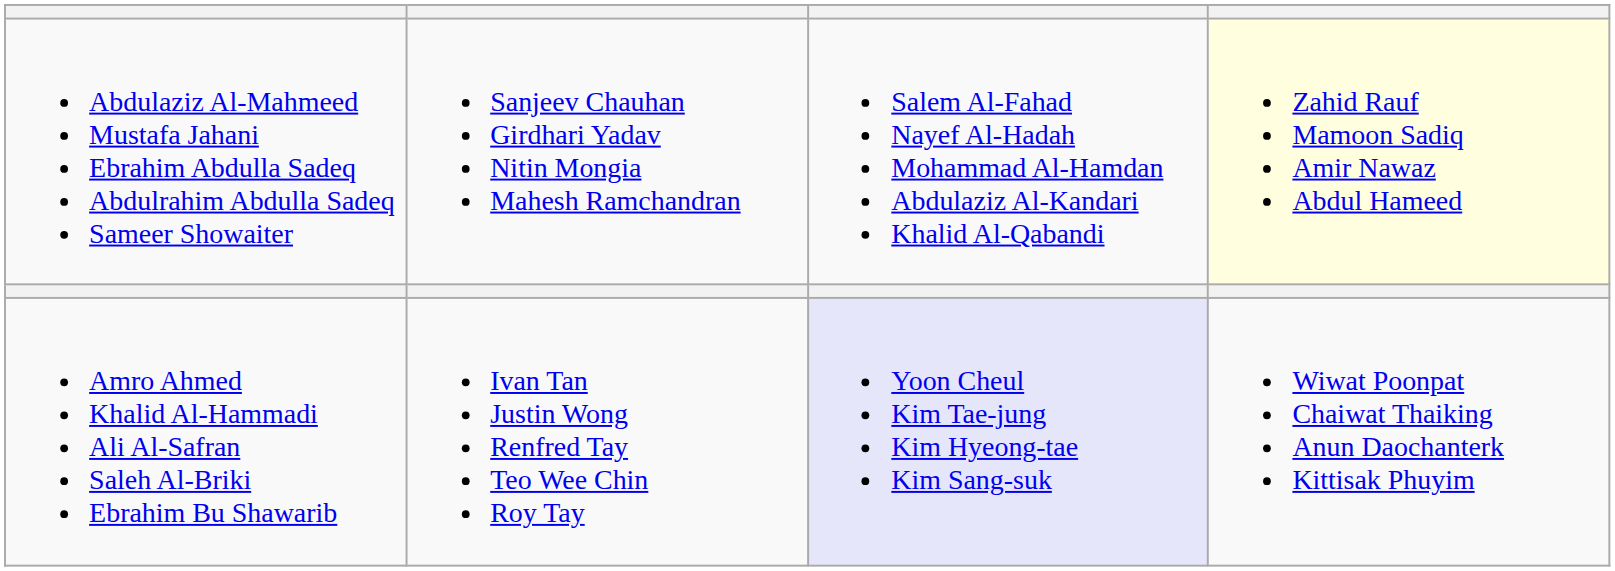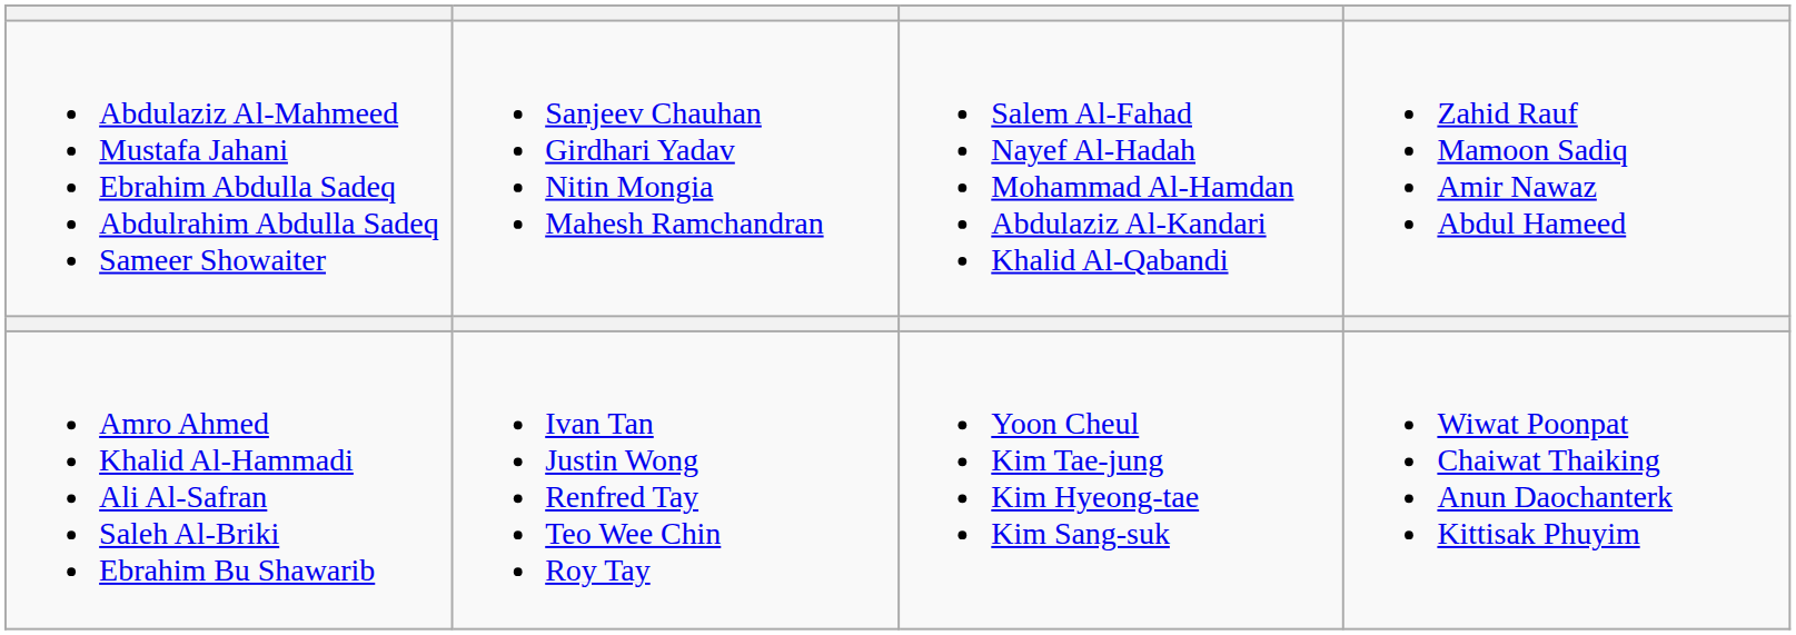 <table class="wikitable" style="font-size:90%">
 <tr>
 <th width=200></th>
 <th width=200></th>
 <th width=200></th>
 <th width=200></th>
 </tr>
 <tr>
 <td valign=top><br><ul><li><a href='#'>Abdulaziz Al-Mahmeed</a></li><li><a href='#'>Mustafa Jahani</a></li><li><a href='#'>Ebrahim Abdulla Sadeq</a></li><li><a href='#'>Abdulrahim Abdulla Sadeq</a></li><li><a href='#'>Sameer Showaiter</a></li></ul></td>
 <td valign=top><br><ul><li><a href='#'>Sanjeev Chauhan</a></li><li><a href='#'>Girdhari Yadav</a></li><li><a href='#'>Nitin Mongia</a></li><li><a href='#'>Mahesh Ramchandran</a></li></ul></td>
 <td valign=top><br><ul><li><a href='#'>Salem Al-Fahad</a></li><li><a href='#'>Nayef Al-Hadah</a></li><li><a href='#'>Mohammad Al-Hamdan</a></li><li><a href='#'>Abdulaziz Al-Kandari</a></li><li><a href='#'>Khalid Al-Qabandi</a></li></ul></td>
-<td valign=top style="background: lightyellow;"><br><ul><li><a href='#'>Zahid Rauf</a></li><li><a href='#'>Mamoon Sadiq</a></li><li><a href='#'>Amir Nawaz</a></li><li><a href='#'>Abdul Hameed</a></li></ul></td>
+<td valign=top><br><ul><li><a href='#'>Zahid Rauf</a></li><li><a href='#'>Mamoon Sadiq</a></li><li><a href='#'>Amir Nawaz</a></li><li><a href='#'>Abdul Hameed</a></li></ul></td>
 </tr>
 <tr>
 <th></th>
 <th></th>
 <th></th>
 <th></th>
 </tr>
 <tr>
 <td valign=top><br><ul><li><a href='#'>Amro Ahmed</a></li><li><a href='#'>Khalid Al-Hammadi</a></li><li><a href='#'>Ali Al-Safran</a></li><li><a href='#'>Saleh Al-Briki</a></li><li><a href='#'>Ebrahim Bu Shawarib</a></li></ul></td>
 <td valign=top><br><ul><li><a href='#'>Ivan Tan</a></li><li><a href='#'>Justin Wong</a></li><li><a href='#'>Renfred Tay</a></li><li><a href='#'>Teo Wee Chin</a></li><li><a href='#'>Roy Tay</a></li></ul></td>
-<td valign=top style="background: lavender;"><br><ul><li><a href='#'>Yoon Cheul</a></li><li><a href='#'>Kim Tae-jung</a></li><li><a href='#'>Kim Hyeong-tae</a></li><li><a href='#'>Kim Sang-suk</a></li></ul></td>
+<td valign=top><br><ul><li><a href='#'>Yoon Cheul</a></li><li><a href='#'>Kim Tae-jung</a></li><li><a href='#'>Kim Hyeong-tae</a></li><li><a href='#'>Kim Sang-suk</a></li></ul></td>
 <td valign=top><br><ul><li><a href='#'>Wiwat Poonpat</a></li><li><a href='#'>Chaiwat Thaiking</a></li><li><a href='#'>Anun Daochanterk</a></li><li><a href='#'>Kittisak Phuyim</a></li></ul></td>
 </tr>
 </table>
